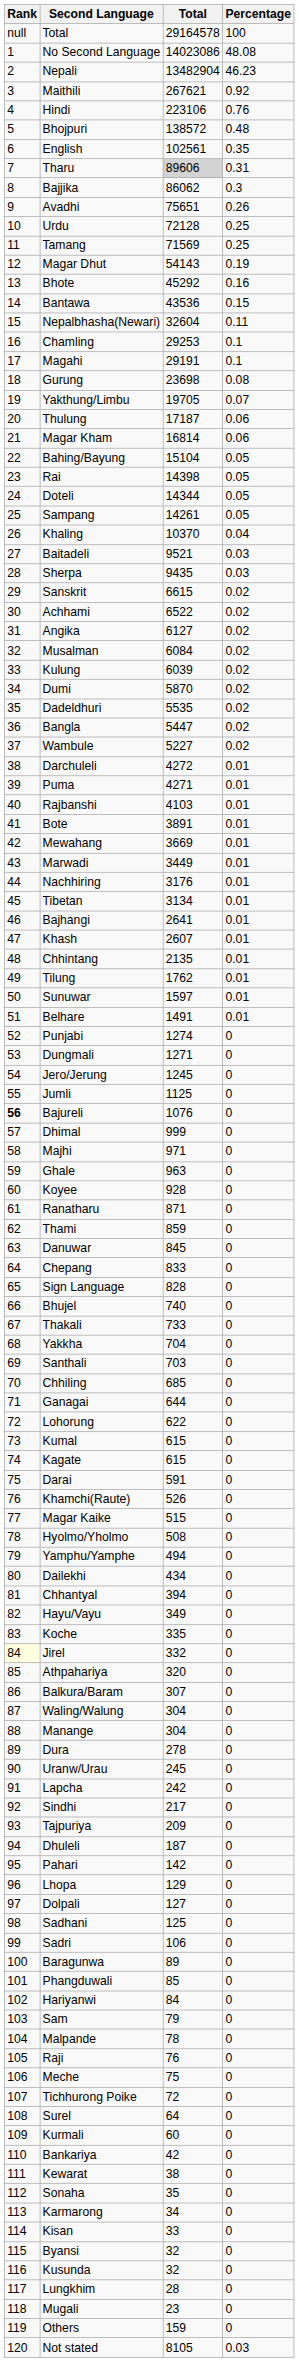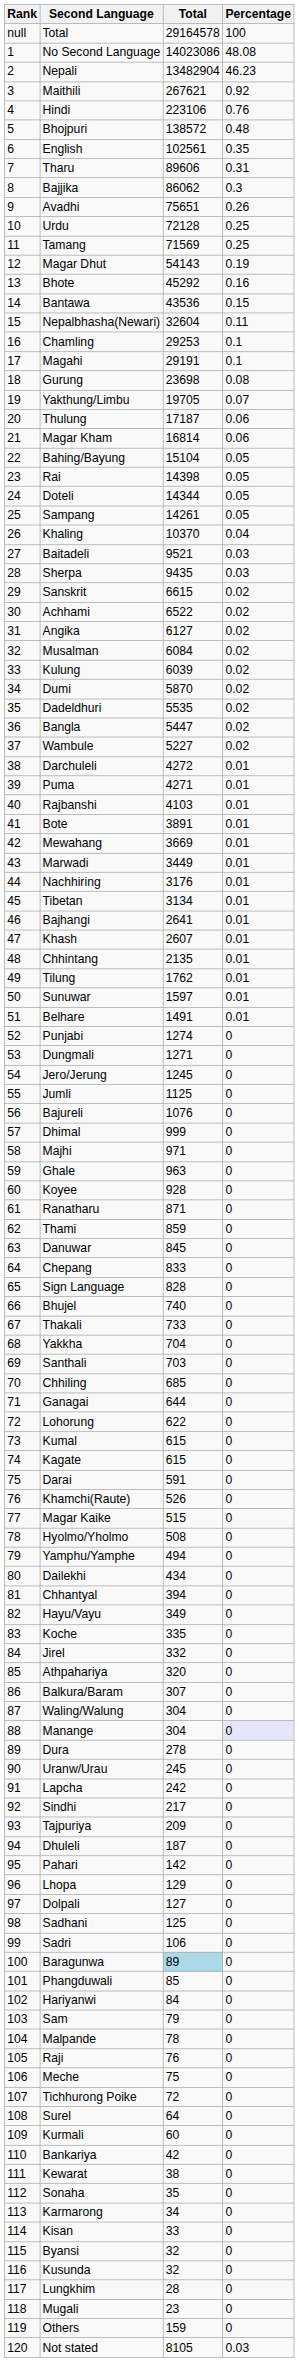 <table class="wikitable">
 <tr>
 <th>Rank</th>
 <th>Second Language</th>
 <th>Total</th>
 <th>Percentage</th>
 </tr>
 <tr>
 <td>null</td>
 <td>Total</td>
 <td>29164578</td>
 <td>100</td>
 </tr>
 <tr>
 <td>1</td>
 <td>No Second Language</td>
 <td>14023086</td>
 <td>48.08</td>
 </tr>
 <tr>
 <td>2</td>
 <td>Nepali</td>
 <td>13482904</td>
 <td>46.23</td>
 </tr>
 <tr>
 <td>3</td>
 <td>Maithili</td>
 <td>267621</td>
 <td>0.92</td>
 </tr>
 <tr>
 <td>4</td>
 <td>Hindi</td>
 <td>223106</td>
 <td>0.76</td>
 </tr>
 <tr>
 <td>5</td>
 <td>Bhojpuri</td>
 <td>138572</td>
 <td>0.48</td>
 </tr>
 <tr>
 <td>6</td>
 <td>English</td>
 <td>102561</td>
 <td>0.35</td>
 </tr>
 <tr>
 <td>7</td>
 <td>Tharu</td>
-<td style="background: lightgrey;">89606</td>
+<td>89606</td>
 <td>0.31</td>
 </tr>
 <tr>
 <td>8</td>
 <td>Bajjika</td>
 <td>86062</td>
 <td>0.3</td>
 </tr>
 <tr>
 <td>9</td>
 <td>Avadhi</td>
 <td>75651</td>
 <td>0.26</td>
 </tr>
 <tr>
 <td>10</td>
 <td>Urdu</td>
 <td>72128</td>
 <td>0.25</td>
 </tr>
 <tr>
 <td>11</td>
 <td>Tamang</td>
 <td>71569</td>
 <td>0.25</td>
 </tr>
 <tr>
 <td>12</td>
 <td>Magar Dhut</td>
 <td>54143</td>
 <td>0.19</td>
 </tr>
 <tr>
 <td>13</td>
 <td>Bhote</td>
 <td>45292</td>
 <td>0.16</td>
 </tr>
 <tr>
 <td>14</td>
 <td>Bantawa</td>
 <td>43536</td>
 <td>0.15</td>
 </tr>
 <tr>
 <td>15</td>
 <td>Nepalbhasha(Newari)</td>
 <td>32604</td>
 <td>0.11</td>
 </tr>
 <tr>
 <td>16</td>
 <td>Chamling</td>
 <td>29253</td>
 <td>0.1</td>
 </tr>
 <tr>
 <td>17</td>
 <td>Magahi</td>
 <td>29191</td>
 <td>0.1</td>
 </tr>
 <tr>
 <td>18</td>
 <td>Gurung</td>
 <td>23698</td>
 <td>0.08</td>
 </tr>
 <tr>
 <td>19</td>
 <td>Yakthung/Limbu</td>
 <td>19705</td>
 <td>0.07</td>
 </tr>
 <tr>
 <td>20</td>
 <td>Thulung</td>
 <td>17187</td>
 <td>0.06</td>
 </tr>
 <tr>
 <td>21</td>
 <td>Magar Kham</td>
 <td>16814</td>
 <td>0.06</td>
 </tr>
 <tr>
 <td>22</td>
 <td>Bahing/Bayung</td>
 <td>15104</td>
 <td>0.05</td>
 </tr>
 <tr>
 <td>23</td>
 <td>Rai</td>
 <td>14398</td>
 <td>0.05</td>
 </tr>
 <tr>
 <td>24</td>
 <td>Doteli</td>
 <td>14344</td>
 <td>0.05</td>
 </tr>
 <tr>
 <td>25</td>
 <td>Sampang</td>
 <td>14261</td>
 <td>0.05</td>
 </tr>
 <tr>
 <td>26</td>
 <td>Khaling</td>
 <td>10370</td>
 <td>0.04</td>
 </tr>
 <tr>
 <td>27</td>
 <td>Baitadeli</td>
 <td>9521</td>
 <td>0.03</td>
 </tr>
 <tr>
 <td>28</td>
 <td>Sherpa</td>
 <td>9435</td>
 <td>0.03</td>
 </tr>
 <tr>
 <td>29</td>
 <td>Sanskrit</td>
 <td>6615</td>
 <td>0.02</td>
 </tr>
 <tr>
 <td>30</td>
 <td>Achhami</td>
 <td>6522</td>
 <td>0.02</td>
 </tr>
 <tr>
 <td>31</td>
 <td>Angika</td>
 <td>6127</td>
 <td>0.02</td>
 </tr>
 <tr>
 <td>32</td>
 <td>Musalman</td>
 <td>6084</td>
 <td>0.02</td>
 </tr>
 <tr>
 <td>33</td>
 <td>Kulung</td>
 <td>6039</td>
 <td>0.02</td>
 </tr>
 <tr>
 <td>34</td>
 <td>Dumi</td>
 <td>5870</td>
 <td>0.02</td>
 </tr>
 <tr>
 <td>35</td>
 <td>Dadeldhuri</td>
 <td>5535</td>
 <td>0.02</td>
 </tr>
 <tr>
 <td>36</td>
 <td>Bangla</td>
 <td>5447</td>
 <td>0.02</td>
 </tr>
 <tr>
 <td>37</td>
 <td>Wambule</td>
 <td>5227</td>
 <td>0.02</td>
 </tr>
 <tr>
 <td>38</td>
 <td>Darchuleli</td>
 <td>4272</td>
 <td>0.01</td>
 </tr>
 <tr>
 <td>39</td>
 <td>Puma</td>
 <td>4271</td>
 <td>0.01</td>
 </tr>
 <tr>
 <td>40</td>
 <td>Rajbanshi</td>
 <td>4103</td>
 <td>0.01</td>
 </tr>
 <tr>
 <td>41</td>
 <td>Bote</td>
 <td>3891</td>
 <td>0.01</td>
 </tr>
 <tr>
 <td>42</td>
 <td>Mewahang</td>
 <td>3669</td>
 <td>0.01</td>
 </tr>
 <tr>
 <td>43</td>
 <td>Marwadi</td>
 <td>3449</td>
 <td>0.01</td>
 </tr>
 <tr>
 <td>44</td>
 <td>Nachhiring</td>
 <td>3176</td>
 <td>0.01</td>
 </tr>
 <tr>
 <td>45</td>
 <td>Tibetan</td>
 <td>3134</td>
 <td>0.01</td>
 </tr>
 <tr>
 <td>46</td>
 <td>Bajhangi</td>
 <td>2641</td>
 <td>0.01</td>
 </tr>
 <tr>
 <td>47</td>
 <td>Khash</td>
 <td>2607</td>
 <td>0.01</td>
 </tr>
 <tr>
 <td>48</td>
 <td>Chhintang</td>
 <td>2135</td>
 <td>0.01</td>
 </tr>
 <tr>
 <td>49</td>
 <td>Tilung</td>
 <td>1762</td>
 <td>0.01</td>
 </tr>
 <tr>
 <td>50</td>
 <td>Sunuwar</td>
 <td>1597</td>
 <td>0.01</td>
 </tr>
 <tr>
 <td>51</td>
 <td>Belhare</td>
 <td>1491</td>
 <td>0.01</td>
 </tr>
 <tr>
 <td>52</td>
 <td>Punjabi</td>
 <td>1274</td>
 <td>0</td>
 </tr>
 <tr>
 <td>53</td>
 <td>Dungmali</td>
 <td>1271</td>
 <td>0</td>
 </tr>
 <tr>
 <td>54</td>
 <td>Jero/Jerung</td>
 <td>1245</td>
 <td>0</td>
 </tr>
 <tr>
 <td>55</td>
 <td>Jumli</td>
 <td>1125</td>
 <td>0</td>
 </tr>
 <tr>
-<td><strong>56</strong></td>
+<td>56</td>
 <td>Bajureli</td>
 <td>1076</td>
 <td>0</td>
 </tr>
 <tr>
 <td>57</td>
 <td>Dhimal</td>
 <td>999</td>
 <td>0</td>
 </tr>
 <tr>
 <td>58</td>
 <td>Majhi</td>
 <td>971</td>
 <td>0</td>
 </tr>
 <tr>
 <td>59</td>
 <td>Ghale</td>
 <td>963</td>
 <td>0</td>
 </tr>
 <tr>
 <td>60</td>
 <td>Koyee</td>
 <td>928</td>
 <td>0</td>
 </tr>
 <tr>
 <td>61</td>
 <td>Ranatharu</td>
 <td>871</td>
 <td>0</td>
 </tr>
 <tr>
 <td>62</td>
 <td>Thami</td>
 <td>859</td>
 <td>0</td>
 </tr>
 <tr>
 <td>63</td>
 <td>Danuwar</td>
 <td>845</td>
 <td>0</td>
 </tr>
 <tr>
 <td>64</td>
 <td>Chepang</td>
 <td>833</td>
 <td>0</td>
 </tr>
 <tr>
 <td>65</td>
 <td>Sign Language</td>
 <td>828</td>
 <td>0</td>
 </tr>
 <tr>
 <td>66</td>
 <td>Bhujel</td>
 <td>740</td>
 <td>0</td>
 </tr>
 <tr>
 <td>67</td>
 <td>Thakali</td>
 <td>733</td>
 <td>0</td>
 </tr>
 <tr>
 <td>68</td>
 <td>Yakkha</td>
 <td>704</td>
 <td>0</td>
 </tr>
 <tr>
 <td>69</td>
 <td>Santhali</td>
 <td>703</td>
 <td>0</td>
 </tr>
 <tr>
 <td>70</td>
 <td>Chhiling</td>
 <td>685</td>
 <td>0</td>
 </tr>
 <tr>
 <td>71</td>
 <td>Ganagai</td>
 <td>644</td>
 <td>0</td>
 </tr>
 <tr>
 <td>72</td>
 <td>Lohorung</td>
 <td>622</td>
 <td>0</td>
 </tr>
 <tr>
 <td>73</td>
 <td>Kumal</td>
 <td>615</td>
 <td>0</td>
 </tr>
 <tr>
 <td>74</td>
 <td>Kagate</td>
 <td>615</td>
 <td>0</td>
 </tr>
 <tr>
 <td>75</td>
 <td>Darai</td>
 <td>591</td>
 <td>0</td>
 </tr>
 <tr>
 <td>76</td>
 <td>Khamchi(Raute)</td>
 <td>526</td>
 <td>0</td>
 </tr>
 <tr>
 <td>77</td>
 <td>Magar Kaike</td>
 <td>515</td>
 <td>0</td>
 </tr>
 <tr>
 <td>78</td>
 <td>Hyolmo/Yholmo</td>
 <td>508</td>
 <td>0</td>
 </tr>
 <tr>
 <td>79</td>
 <td>Yamphu/Yamphe</td>
 <td>494</td>
 <td>0</td>
 </tr>
 <tr>
 <td>80</td>
 <td>Dailekhi</td>
 <td>434</td>
 <td>0</td>
 </tr>
 <tr>
 <td>81</td>
 <td>Chhantyal</td>
 <td>394</td>
 <td>0</td>
 </tr>
 <tr>
 <td>82</td>
 <td>Hayu/Vayu</td>
 <td>349</td>
 <td>0</td>
 </tr>
 <tr>
 <td>83</td>
 <td>Koche</td>
 <td>335</td>
 <td>0</td>
 </tr>
 <tr>
-<td style="background: lightyellow;">84</td>
+<td>84</td>
 <td>Jirel</td>
 <td>332</td>
 <td>0</td>
 </tr>
 <tr>
 <td>85</td>
 <td>Athpahariya</td>
 <td>320</td>
 <td>0</td>
 </tr>
 <tr>
 <td>86</td>
 <td>Balkura/Baram</td>
 <td>307</td>
 <td>0</td>
 </tr>
 <tr>
 <td>87</td>
 <td>Waling/Walung</td>
 <td>304</td>
 <td>0</td>
 </tr>
 <tr>
 <td>88</td>
 <td>Manange</td>
 <td>304</td>
-<td>0</td>
+<td style="background: lavender;">0</td>
 </tr>
 <tr>
 <td>89</td>
 <td>Dura</td>
 <td>278</td>
 <td>0</td>
 </tr>
 <tr>
 <td>90</td>
 <td>Uranw/Urau</td>
 <td>245</td>
 <td>0</td>
 </tr>
 <tr>
 <td>91</td>
 <td>Lapcha</td>
 <td>242</td>
 <td>0</td>
 </tr>
 <tr>
 <td>92</td>
 <td>Sindhi</td>
 <td>217</td>
 <td>0</td>
 </tr>
 <tr>
 <td>93</td>
 <td>Tajpuriya</td>
 <td>209</td>
 <td>0</td>
 </tr>
 <tr>
 <td>94</td>
 <td>Dhuleli</td>
 <td>187</td>
 <td>0</td>
 </tr>
 <tr>
 <td>95</td>
 <td>Pahari</td>
 <td>142</td>
 <td>0</td>
 </tr>
 <tr>
 <td>96</td>
 <td>Lhopa</td>
 <td>129</td>
 <td>0</td>
 </tr>
 <tr>
 <td>97</td>
 <td>Dolpali</td>
 <td>127</td>
 <td>0</td>
 </tr>
 <tr>
 <td>98</td>
 <td>Sadhani</td>
 <td>125</td>
 <td>0</td>
 </tr>
 <tr>
 <td>99</td>
 <td>Sadri</td>
 <td>106</td>
 <td>0</td>
 </tr>
 <tr>
 <td>100</td>
 <td>Baragunwa</td>
-<td>89</td>
+<td style="background: lightblue;">89</td>
 <td>0</td>
 </tr>
 <tr>
 <td>101</td>
 <td>Phangduwali</td>
 <td>85</td>
 <td>0</td>
 </tr>
 <tr>
 <td>102</td>
 <td>Hariyanwi</td>
 <td>84</td>
 <td>0</td>
 </tr>
 <tr>
 <td>103</td>
 <td>Sam</td>
 <td>79</td>
 <td>0</td>
 </tr>
 <tr>
 <td>104</td>
 <td>Malpande</td>
 <td>78</td>
 <td>0</td>
 </tr>
 <tr>
 <td>105</td>
 <td>Raji</td>
 <td>76</td>
 <td>0</td>
 </tr>
 <tr>
 <td>106</td>
 <td>Meche</td>
 <td>75</td>
 <td>0</td>
 </tr>
 <tr>
 <td>107</td>
 <td>Tichhurong Poike</td>
 <td>72</td>
 <td>0</td>
 </tr>
 <tr>
 <td>108</td>
 <td>Surel</td>
 <td>64</td>
 <td>0</td>
 </tr>
 <tr>
 <td>109</td>
 <td>Kurmali</td>
 <td>60</td>
 <td>0</td>
 </tr>
 <tr>
 <td>110</td>
 <td>Bankariya</td>
 <td>42</td>
 <td>0</td>
 </tr>
 <tr>
 <td>111</td>
 <td>Kewarat</td>
 <td>38</td>
 <td>0</td>
 </tr>
 <tr>
 <td>112</td>
 <td>Sonaha</td>
 <td>35</td>
 <td>0</td>
 </tr>
 <tr>
 <td>113</td>
 <td>Karmarong</td>
 <td>34</td>
 <td>0</td>
 </tr>
 <tr>
 <td>114</td>
 <td>Kisan</td>
 <td>33</td>
 <td>0</td>
 </tr>
 <tr>
 <td>115</td>
 <td>Byansi</td>
 <td>32</td>
 <td>0</td>
 </tr>
 <tr>
 <td>116</td>
 <td>Kusunda</td>
 <td>32</td>
 <td>0</td>
 </tr>
 <tr>
 <td>117</td>
 <td>Lungkhim</td>
 <td>28</td>
 <td>0</td>
 </tr>
 <tr>
 <td>118</td>
 <td>Mugali</td>
 <td>23</td>
 <td>0</td>
 </tr>
 <tr>
 <td>119</td>
 <td>Others</td>
 <td>159</td>
 <td>0</td>
 </tr>
 <tr>
 <td>120</td>
 <td>Not stated</td>
 <td>8105</td>
 <td>0.03</td>
 </tr>
 </table>
